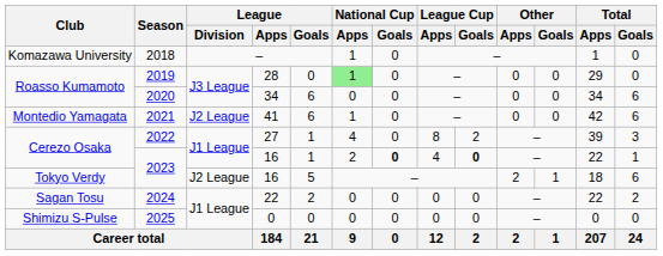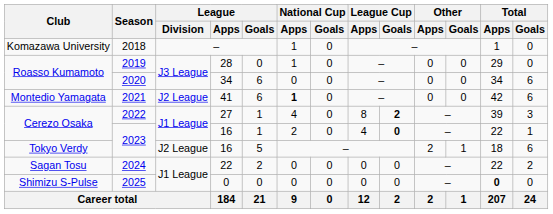 <table class="wikitable" style="text-align: center">
 <tr>
 <th rowspan="2">Club</th>
 <th rowspan="2">Season</th>
 <th colspan="3">League</th>
 <th colspan="2">National Cup</th>
 <th colspan="2">League Cup</th>
 <th colspan="2">Other</th>
 <th colspan="2">Total</th>
 </tr>
 <tr>
 <th>Division</th>
 <th>Apps</th>
 <th>Goals</th>
 <th>Apps</th>
 <th>Goals</th>
 <th>Apps</th>
 <th>Goals</th>
 <th>Apps</th>
 <th>Goals</th>
 <th>Apps</th>
 <th>Goals</th>
 </tr>
 <tr>
 <td>Komazawa University</td>
 <td>2018</td>
 <td colspan="3">–</td>
 <td>1</td>
 <td>0</td>
 <td colspan="4">–</td>
 <td>1</td>
 <td>0</td>
 </tr>
 <tr>
 <td rowspan="2"><a href='#'>Roasso Kumamoto</a></td>
 <td><a href='#'>2019</a></td>
 <td rowspan="2"><a href='#'>J3 League</a></td>
 <td>28</td>
 <td>0</td>
-<td style="background: lightgreen;">1</td>
+<td>1</td>
 <td>0</td>
 <td colspan="2">–</td>
 <td>0</td>
 <td>0</td>
 <td>29</td>
 <td>0</td>
 </tr>
 <tr>
 <td><a href='#'>2020</a></td>
 <td>34</td>
 <td>6</td>
 <td>0</td>
 <td>0</td>
 <td colspan="2">–</td>
 <td>0</td>
 <td>0</td>
 <td>34</td>
 <td>6</td>
 </tr>
 <tr>
 <td><a href='#'>Montedio Yamagata</a></td>
 <td><a href='#'>2021</a></td>
 <td><a href='#'>J2 League</a></td>
 <td>41</td>
 <td>6</td>
-<td>1</td>
+<td><strong>1</strong></td>
 <td>0</td>
 <td colspan="2">–</td>
 <td>0</td>
 <td>0</td>
 <td>42</td>
 <td>6</td>
 </tr>
 <tr>
 <td rowspan="2"><a href='#'>Cerezo Osaka</a></td>
 <td><a href='#'>2022</a></td>
 <td rowspan="2"><a href='#'>J1 League</a></td>
 <td>27</td>
 <td>1</td>
 <td>4</td>
 <td>0</td>
 <td>8</td>
-<td>2</td>
+<td><strong>2</strong></td>
 <td colspan="2">–</td>
 <td>39</td>
 <td>3</td>
 </tr>
 <tr>
 <td rowspan="2"><a href='#'>2023</a></td>
 <td>16</td>
 <td>1</td>
 <td>2</td>
-<td><strong>0</strong></td>
+<td>0</td>
 <td>4</td>
 <td><strong>0</strong></td>
 <td colspan="2">–</td>
 <td>22</td>
 <td>1</td>
 </tr>
 <tr>
 <td><a href='#'>Tokyo Verdy</a></td>
 <td>J2 League</td>
 <td>16</td>
 <td>5</td>
 <td colspan="4">–</td>
 <td>2</td>
 <td>1</td>
 <td>18</td>
 <td>6</td>
 </tr>
 <tr>
 <td><a href='#'>Sagan Tosu</a></td>
 <td><a href='#'>2024</a></td>
 <td rowspan="2">J1 League</td>
 <td>22</td>
 <td>2</td>
 <td>0</td>
 <td>0</td>
 <td>0</td>
 <td>0</td>
 <td colspan="2">–</td>
 <td>22</td>
 <td>2</td>
 </tr>
 <tr>
 <td><a href='#'>Shimizu S-Pulse</a></td>
 <td><a href='#'>2025</a></td>
 <td>0</td>
 <td>0</td>
 <td>0</td>
 <td>0</td>
 <td>0</td>
 <td>0</td>
 <td colspan="2">–</td>
-<td>0</td>
+<td><strong>0</strong></td>
 <td>0</td>
 </tr>
 <tr>
 <th colspan=3>Career total</th>
 <th>184</th>
 <th>21</th>
 <th>9</th>
 <th>0</th>
 <th>12</th>
 <th>2</th>
 <th>2</th>
 <th>1</th>
 <th>207</th>
 <th>24</th>
 </tr>
 </table>
